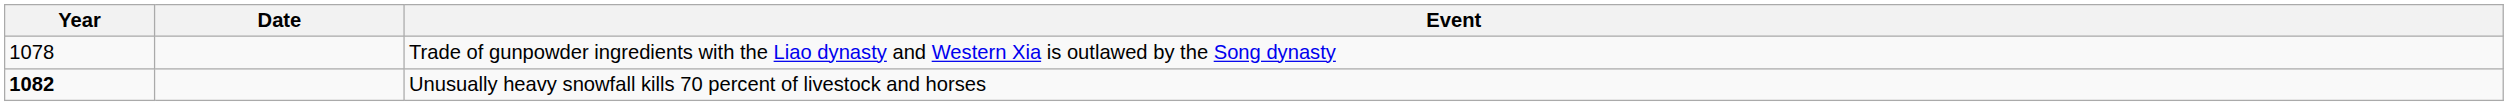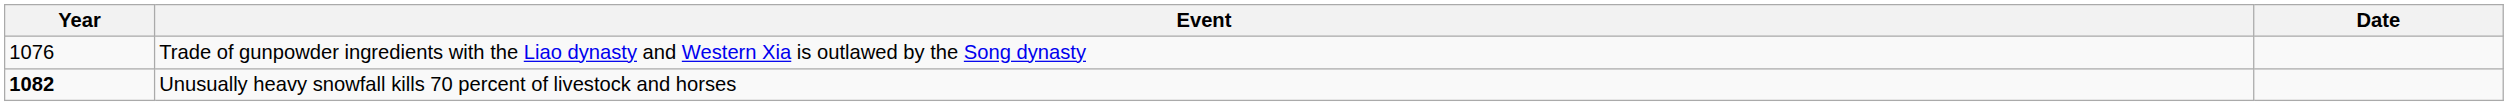 <table class="wikitable" width="100%">
 <tr>
 <th style="width:6%">Year</th>
+<th>Event</th>
 <th style="width:10%">Date</th>
-<th>Event</th>
 </tr>
 <tr>
-<td>1078</td>
+<td>1076</td>
+<td>Trade of gunpowder ingredients with the <a href='#'>Liao dynasty</a> and <a href='#'>Western Xia</a> is outlawed by the <a href='#'>Song dynasty</a></td>
 <td></td>
-<td>Trade of gunpowder ingredients with the <a href='#'>Liao dynasty</a> and <a href='#'>Western Xia</a> is outlawed by the <a href='#'>Song dynasty</a></td>
 </tr>
 <tr>
 <td><strong>1082</strong></td>
+<td>Unusually heavy snowfall kills 70 percent of livestock and horses</td>
 <td></td>
-<td>Unusually heavy snowfall kills 70 percent of livestock and horses</td>
 </tr>
 </table>
